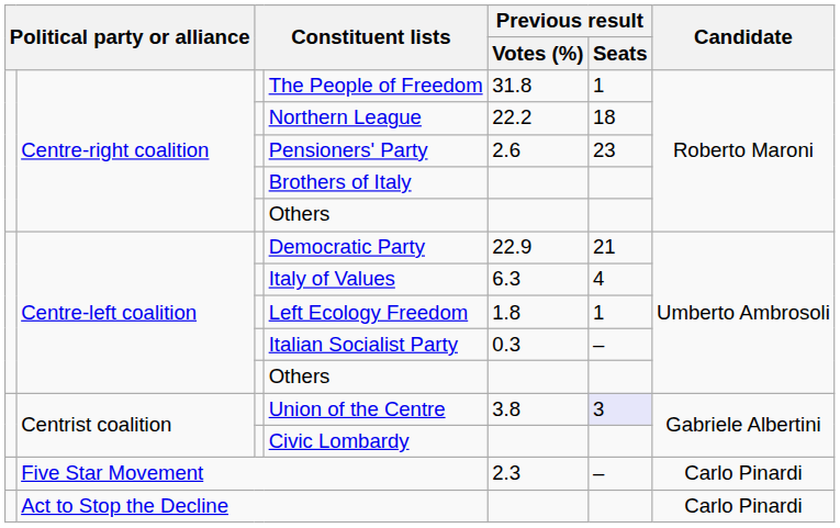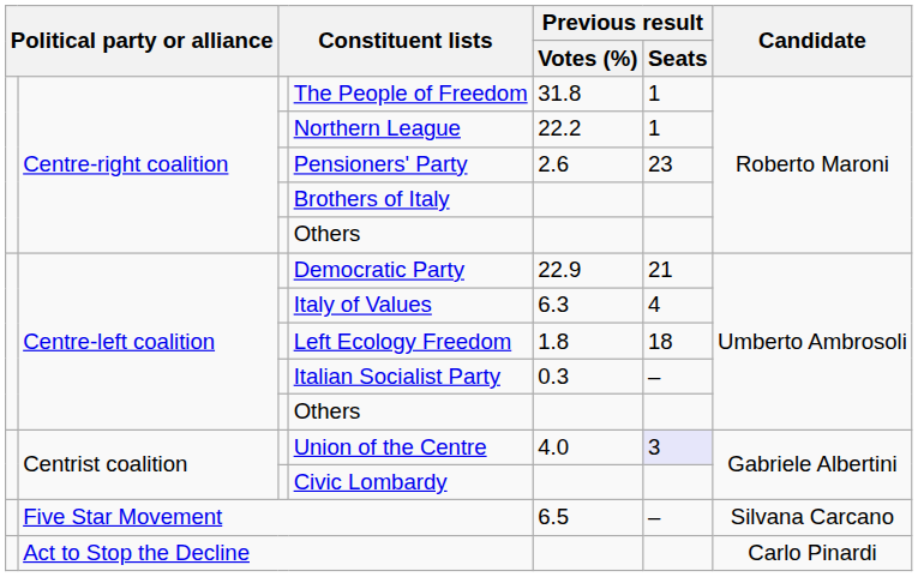 <table class="wikitable" style="text-align:left">
 <tr>
 <th colspan=2 rowspan="2">Political party or alliance</th>
 <th colspan=2 rowspan="2">Constituent lists</th>
 <th colspan="2">Previous result</th>
 <th rowspan="2">Candidate</th>
 </tr>
 <tr>
 <th>Votes (%)</th>
 <th>Seats</th>
 </tr>
 <tr>
 <td rowspan="5" style="background:"></td>
 <td rowspan=5><a href='#'>Centre-right coalition</a></td>
 <td></td>
 <td style="text-align:left;"><a href='#'>The People of Freedom</a></td>
 <td>31.8</td>
 <td>1</td>
 <td rowspan="5" style="text-align: center;">Roberto Maroni</td>
 </tr>
 <tr>
 <td></td>
 <td style="text-align:left;"><a href='#'>Northern League</a></td>
 <td>22.2</td>
-<td>18</td>
+<td>1</td>
 </tr>
 <tr>
 <td></td>
 <td><a href='#'>Pensioners' Party</a></td>
 <td>2.6</td>
 <td>23</td>
 </tr>
 <tr>
 <td></td>
 <td style="text-align:left;"><a href='#'>Brothers of Italy</a></td>
 <td></td>
 <td></td>
 </tr>
 <tr>
 <td></td>
 <td>Others</td>
 <td></td>
 <td></td>
 </tr>
 <tr>
 <td rowspan="5"></td>
 <td rowspan="5"><a href='#'>Centre-left coalition</a></td>
 <td></td>
 <td style="text-align:left;"><a href='#'>Democratic Party</a></td>
 <td>22.9</td>
 <td>21</td>
 <td rowspan="5" style="text-align: center;">Umberto Ambrosoli</td>
 </tr>
 <tr>
 <td></td>
 <td><a href='#'>Italy of Values</a></td>
 <td>6.3</td>
 <td>4</td>
 </tr>
 <tr>
 <td></td>
 <td><a href='#'>Left Ecology Freedom</a></td>
 <td>1.8</td>
-<td>1</td>
+<td>18</td>
 </tr>
 <tr>
 <td></td>
 <td><a href='#'>Italian Socialist Party</a></td>
 <td>0.3</td>
 <td>–</td>
 </tr>
 <tr>
 <td></td>
 <td>Others</td>
 <td></td>
 <td></td>
 </tr>
 <tr>
 <td rowspan="2" style="background:"></td>
 <td rowspan=2>Centrist coalition</td>
 <td></td>
 <td style="text-align:left;"><a href='#'>Union of the Centre</a></td>
-<td>3.8</td>
+<td>4.0</td>
 <td style="background: lavender;">3</td>
 <td rowspan="2" style="text-align: center;">Gabriele Albertini</td>
 </tr>
 <tr>
 <td></td>
 <td style="text-align:left;"><a href='#'>Civic Lombardy</a></td>
 <td></td>
 <td></td>
 </tr>
 <tr>
 <td></td>
 <td colspan="3"><a href='#'>Five Star Movement</a></td>
-<td>2.3</td>
+<td>6.5</td>
 <td>–</td>
-<td style="text-align: center;">Carlo Pinardi</td>
+<td style="text-align: center;">Silvana Carcano</td>
 </tr>
 <tr>
 <td></td>
 <td colspan="3"><a href='#'>Act to Stop the Decline</a></td>
 <td></td>
 <td></td>
 <td style="text-align: center;">Carlo Pinardi</td>
 </tr>
 </table>
